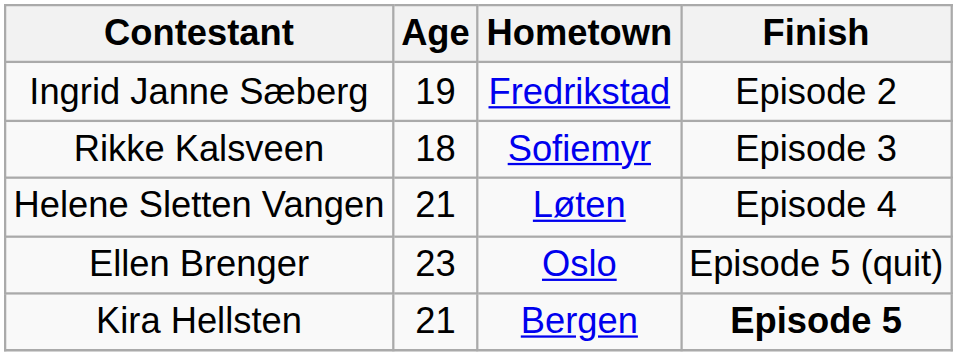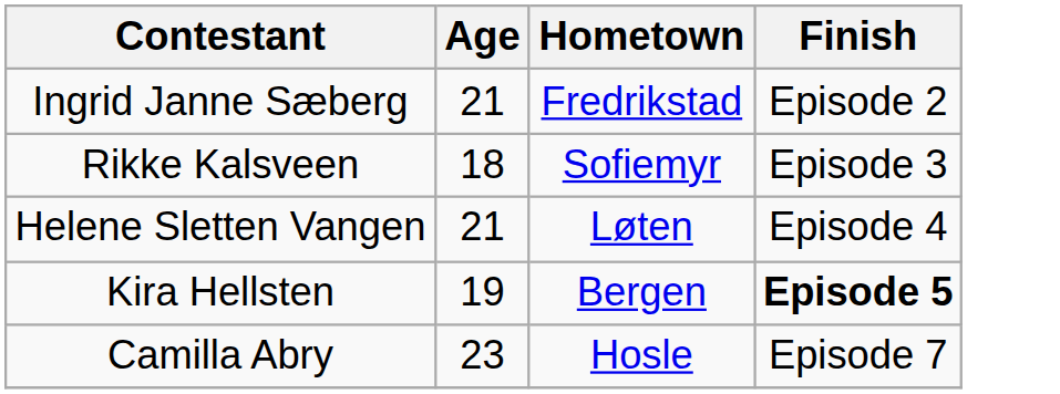 <table class="wikitable" style="text-align:center;">
 <tr>
 <th colspan="1">Contestant</th>
 <th colspan="1">Age</th>
 <th colspan="1">Hometown</th>
 <th colspan="1">Finish</th>
 </tr>
 <tr>
 <td>Ingrid Janne Sæberg</td>
-<td>19</td>
+<td>21</td>
 <td><a href='#'>Fredrikstad</a></td>
 <td>Episode 2</td>
 </tr>
 <tr>
 <td>Rikke Kalsveen</td>
 <td>18</td>
 <td><a href='#'>Sofiemyr</a></td>
 <td>Episode 3</td>
 </tr>
 <tr>
 <td>Helene Sletten Vangen</td>
 <td>21</td>
 <td><a href='#'>Løten</a></td>
 <td>Episode 4</td>
 </tr>
 <tr>
-<td>Ellen Brenger</td>
-<td>23</td>
-<td><a href='#'>Oslo</a></td>
-<td>Episode 5 (quit)</td>
-</tr>
-<tr>
 <td>Kira Hellsten</td>
-<td>21</td>
+<td>19</td>
 <td><a href='#'>Bergen</a></td>
 <td><strong>Episode 5</strong></td>
 </tr>
 <tr>
+<td>Camilla Abry</td>
+<td>23</td>
+<td><a href='#'>Hosle</a></td>
+<td>Episode 7</td>
+</tr>
+<tr>
 </tr>
 </table>
